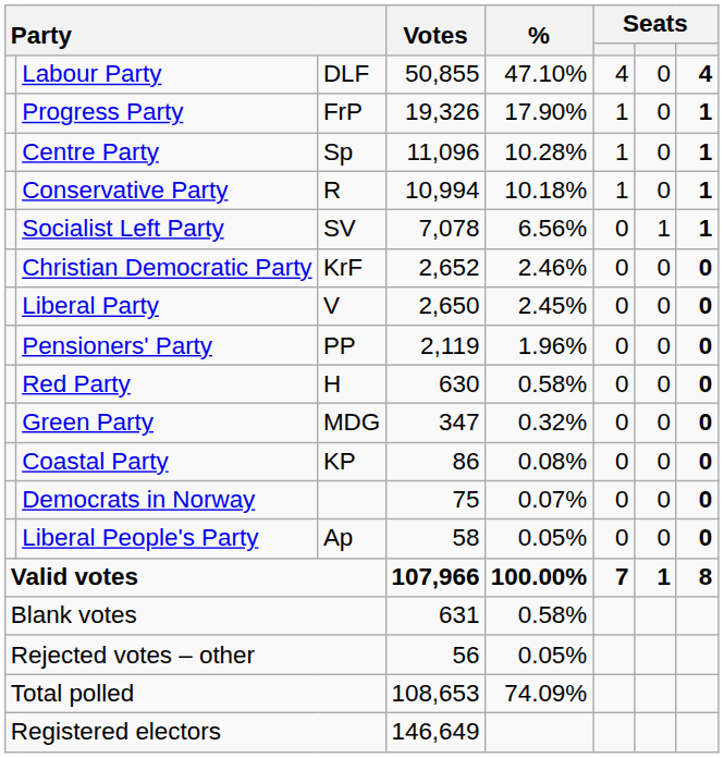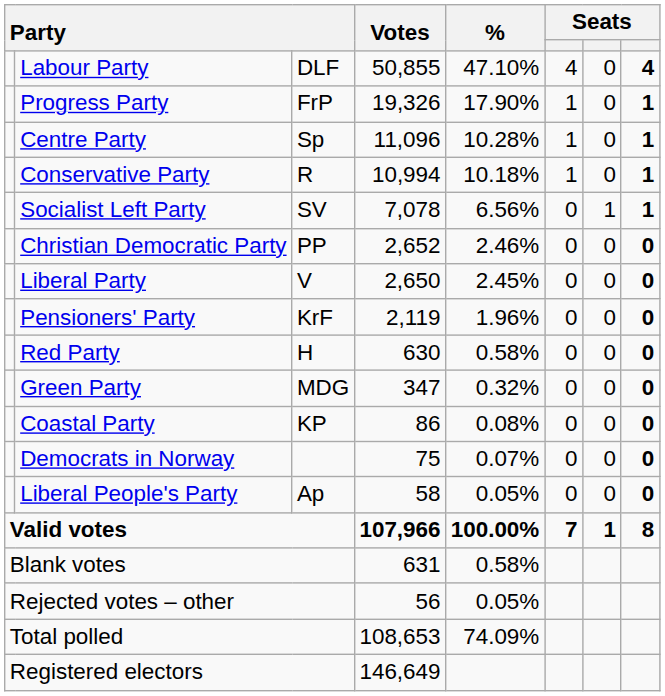 <table class="wikitable" border="1" style="text-align:right;">
 <tr>
 <th style="text-align:left;" valign=bottom rowspan=2 colspan=3>Party</th>
 <th align=center valign=bottom rowspan=2 width="50">Votes</th>
 <th align=center valign=bottom rowspan=2 width="50">%</th>
 <th colspan=3>Seats</th>
 </tr>
 <tr>
 <th align=center valign=bottom width="20"><small></small></th>
 <th align=center valign=bottom width="20"><small><a href='#'></a></small></th>
 <th align=center valign=bottom width="20"><small></small></th>
 </tr>
 <tr>
 <td style="color:inherit;background:"></td>
 <td align=left><a href='#'>Labour Party</a></td>
 <td align=left>DLF</td>
 <td>50,855</td>
 <td>47.10%</td>
 <td>4</td>
 <td>0</td>
 <td><strong>4</strong></td>
 </tr>
 <tr>
 <td style="color:inherit;background:"></td>
 <td align=left><a href='#'>Progress Party</a></td>
 <td align=left>FrP</td>
 <td>19,326</td>
 <td>17.90%</td>
 <td>1</td>
 <td>0</td>
 <td><strong>1</strong></td>
 </tr>
 <tr>
 <td style="color:inherit;background:"></td>
 <td align=left><a href='#'>Centre Party</a></td>
 <td align=left>Sp</td>
 <td>11,096</td>
 <td>10.28%</td>
 <td>1</td>
 <td>0</td>
 <td><strong>1</strong></td>
 </tr>
 <tr>
 <td style="color:inherit;background:"></td>
 <td align=left><a href='#'>Conservative Party</a></td>
 <td align=left>R</td>
 <td>10,994</td>
 <td>10.18%</td>
 <td>1</td>
 <td>0</td>
 <td><strong>1</strong></td>
 </tr>
 <tr>
 <td style="color:inherit;background:"></td>
 <td align=left><a href='#'>Socialist Left Party</a></td>
 <td align=left>SV</td>
 <td>7,078</td>
 <td>6.56%</td>
 <td>0</td>
 <td>1</td>
 <td><strong>1</strong></td>
 </tr>
 <tr>
 <td style="color:inherit;background:"></td>
 <td align=left><a href='#'>Christian Democratic Party</a></td>
-<td align=left>KrF</td>
+<td align=left>PP</td>
 <td>2,652</td>
 <td>2.46%</td>
 <td>0</td>
 <td>0</td>
 <td><strong>0</strong></td>
 </tr>
 <tr>
 <td style="color:inherit;background:"></td>
 <td align=left><a href='#'>Liberal Party</a></td>
 <td align=left>V</td>
 <td>2,650</td>
 <td>2.45%</td>
 <td>0</td>
 <td>0</td>
 <td><strong>0</strong></td>
 </tr>
 <tr>
 <td style="color:inherit;background:"></td>
 <td align=left><a href='#'>Pensioners' Party</a></td>
-<td align=left>PP</td>
+<td align=left>KrF</td>
 <td>2,119</td>
 <td>1.96%</td>
 <td>0</td>
 <td>0</td>
 <td><strong>0</strong></td>
 </tr>
 <tr>
 <td style="color:inherit;background:"></td>
 <td align=left><a href='#'>Red Party</a></td>
 <td align=left>H</td>
 <td>630</td>
 <td>0.58%</td>
 <td>0</td>
 <td>0</td>
 <td><strong>0</strong></td>
 </tr>
 <tr>
 <td style="color:inherit;background:"></td>
 <td align=left><a href='#'>Green Party</a></td>
 <td align=left>MDG</td>
 <td>347</td>
 <td>0.32%</td>
 <td>0</td>
 <td>0</td>
 <td><strong>0</strong></td>
 </tr>
 <tr>
 <td style="color:inherit;background:"></td>
 <td align=left><a href='#'>Coastal Party</a></td>
 <td align=left>KP</td>
 <td>86</td>
 <td>0.08%</td>
 <td>0</td>
 <td>0</td>
 <td><strong>0</strong></td>
 </tr>
 <tr>
 <td style="color:inherit;background:"></td>
 <td align=left><a href='#'>Democrats in Norway</a></td>
 <td align=left></td>
 <td>75</td>
 <td>0.07%</td>
 <td>0</td>
 <td>0</td>
 <td><strong>0</strong></td>
 </tr>
 <tr>
 <td style="color:inherit;background:"></td>
 <td align=left><a href='#'>Liberal People's Party</a></td>
 <td align=left>Ap</td>
 <td>58</td>
 <td>0.05%</td>
 <td>0</td>
 <td>0</td>
 <td><strong>0</strong></td>
 </tr>
 <tr style="font-weight:bold">
 <td align=left colspan=3>Valid votes</td>
 <td>107,966</td>
 <td>100.00%</td>
 <td>7</td>
 <td>1</td>
 <td>8</td>
 </tr>
 <tr>
 <td align=left colspan=3>Blank votes</td>
 <td>631</td>
 <td>0.58%</td>
 <td></td>
 <td></td>
 <td></td>
 </tr>
 <tr>
 <td align=left colspan=3>Rejected votes – other</td>
 <td>56</td>
 <td>0.05%</td>
 <td></td>
 <td></td>
 <td></td>
 </tr>
 <tr>
 <td align=left colspan=3>Total polled</td>
 <td>108,653</td>
 <td>74.09%</td>
 <td></td>
 <td></td>
 <td></td>
 </tr>
 <tr>
 <td align=left colspan=3>Registered electors</td>
 <td>146,649</td>
 <td></td>
 <td></td>
 <td></td>
 <td></td>
 </tr>
 </table>
